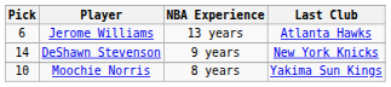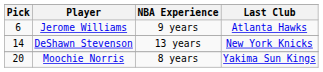 <table class="wikitable sortable sortable">
 <tr>
 </tr>
 <tr style="text-align: center">
 <th>Pick</th>
 <th>Player</th>
 <th>NBA Experience</th>
 <th>Last Club</th>
 </tr>
 <tr style="text-align: center">
 <td>6</td>
 <td><a href='#'>Jerome Williams</a></td>
-<td>13 years</td>
+<td>9 years</td>
 <td> <a href='#'>Atlanta Hawks</a></td>
 </tr>
 <tr>
 </tr>
 <tr style="text-align: center">
 <td>14</td>
 <td><a href='#'>DeShawn Stevenson</a></td>
-<td>9 years</td>
+<td>13 years</td>
 <td> <a href='#'>New York Knicks</a></td>
 </tr>
 <tr>
 </tr>
 <tr style="text-align: center">
-<td>10</td>
+<td>20</td>
 <td><a href='#'>Moochie Norris</a></td>
 <td>8 years</td>
 <td> <a href='#'>Yakima Sun Kings</a></td>
 </tr>
 </table>
